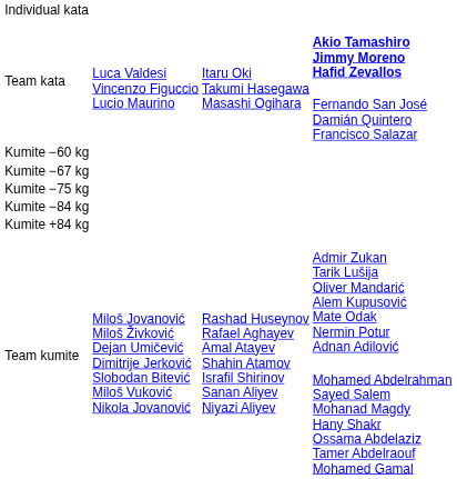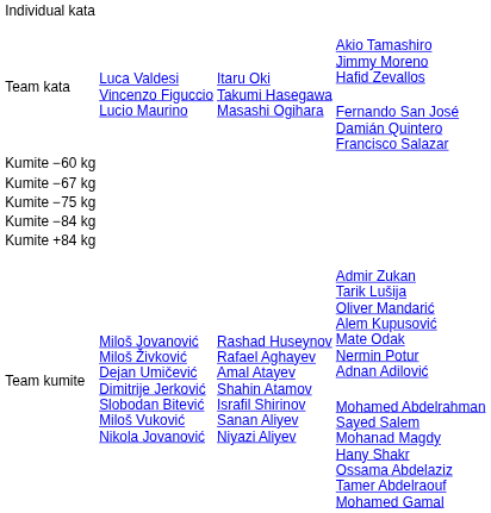 <table>
 <tr>
 <td rowspan=2>Individual kata</td>
 <td rowspan=2></td>
 <td rowspan=2></td>
 <td></td>
 </tr>
 <tr>
 <td></td>
 </tr>
 <tr>
 <td rowspan=2>Team kata</td>
 <td rowspan=2><br><a href='#'>Luca Valdesi</a><br><a href='#'>Vincenzo Figuccio</a><br><a href='#'>Lucio Maurino</a></td>
 <td rowspan=2><br><a href='#'>Itaru Oki</a><br><a href='#'>Takumi Hasegawa</a><br><a href='#'>Masashi Ogihara</a></td>
-<td><strong><br><a href='#'>Akio Tamashiro</a><br><a href='#'>Jimmy Moreno</a><br><a href='#'>Hafid Zevallos</a></strong></td>
+<td><br><a href='#'>Akio Tamashiro</a><br><a href='#'>Jimmy Moreno</a><br><a href='#'>Hafid Zevallos</a></td>
 </tr>
 <tr>
 <td><br><a href='#'>Fernando San José</a><br><a href='#'>Damián Quintero</a><br><a href='#'>Francisco Salazar</a></td>
 </tr>
 <tr>
 <td rowspan=2>Kumite −60 kg</td>
 <td rowspan=2></td>
 <td rowspan=2></td>
 <td></td>
 </tr>
 <tr>
 <td></td>
 </tr>
 <tr>
 <td rowspan=2>Kumite −67 kg</td>
 <td rowspan=2></td>
 <td rowspan=2></td>
 <td></td>
 </tr>
 <tr>
 <td></td>
 </tr>
 <tr>
 <td rowspan=2>Kumite −75 kg</td>
 <td rowspan=2></td>
 <td rowspan=2></td>
 <td></td>
 </tr>
 <tr>
 <td></td>
 </tr>
 <tr>
 <td rowspan=2>Kumite −84 kg</td>
 <td rowspan=2></td>
 <td rowspan=2></td>
 <td></td>
 </tr>
 <tr>
 <td></td>
 </tr>
 <tr>
 <td rowspan=2>Kumite +84 kg</td>
 <td rowspan=2></td>
 <td rowspan=2></td>
 <td></td>
 </tr>
 <tr>
 <td></td>
 </tr>
 <tr>
 <td rowspan=2>Team kumite</td>
 <td rowspan=2><br><a href='#'>Miloš Jovanović</a><br><a href='#'>Miloš Živković</a><br><a href='#'>Dejan Umičević</a><br><a href='#'>Dimitrije Jerković</a><br><a href='#'>Slobodan Bitević</a><br><a href='#'>Miloš Vuković</a><br><a href='#'>Nikola Jovanović</a></td>
 <td rowspan=2><br><a href='#'>Rashad Huseynov</a><br><a href='#'>Rafael Aghayev</a><br><a href='#'>Amal Atayev</a><br><a href='#'>Shahin Atamov</a><br><a href='#'>Israfil Shirinov</a><br><a href='#'>Sanan Aliyev</a><br><a href='#'>Niyazi Aliyev</a></td>
 <td><br><a href='#'>Admir Zukan</a><br><a href='#'>Tarik Lušija</a><br><a href='#'>Oliver Mandarić</a><br><a href='#'>Alem Kupusović</a><br><a href='#'>Mate Odak</a><br><a href='#'>Nermin Potur</a><br><a href='#'>Adnan Adilović</a></td>
 </tr>
 <tr>
 <td><br><a href='#'>Mohamed Abdelrahman</a><br><a href='#'>Sayed Salem</a><br><a href='#'>Mohanad Magdy</a><br><a href='#'>Hany Shakr</a><br><a href='#'>Ossama Abdelaziz</a><br><a href='#'>Tamer Abdelraouf</a><br><a href='#'>Mohamed Gamal</a></td>
 </tr>
 </table>
